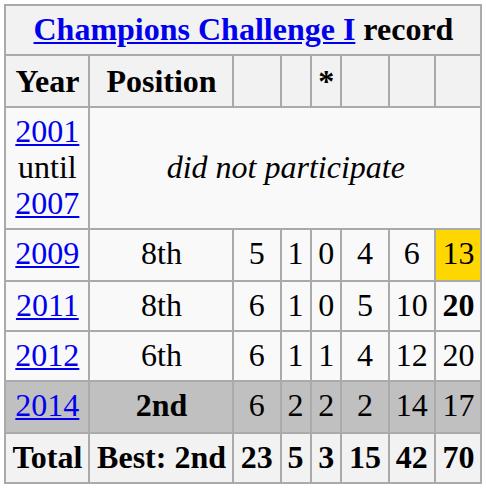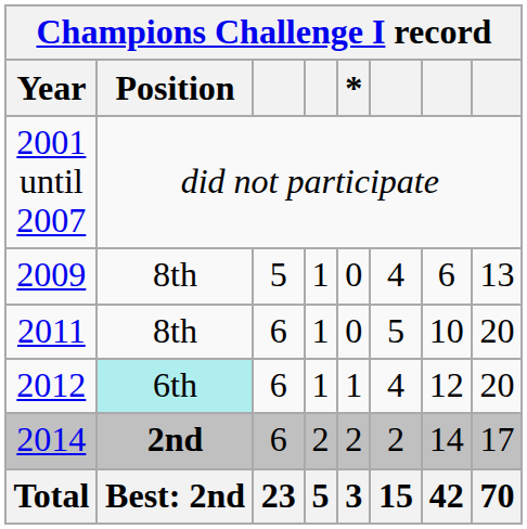 <table class="wikitable" style="text-align: center;">
 <tr>
 <th colspan=8><a href='#'>Champions Challenge I</a> record</th>
 </tr>
 <tr>
 <th>Year</th>
 <th>Position</th>
 <th></th>
 <th></th>
 <th>*</th>
 <th></th>
 <th></th>
 <th></th>
 </tr>
 <tr>
 <td> <a href='#'>2001</a><br>until<br> <a href='#'>2007</a></td>
 <td colspan=7><em>did not participate</em></td>
 </tr>
 <tr>
 <td> <a href='#'>2009</a></td>
 <td>8th</td>
 <td>5</td>
 <td>1</td>
 <td>0</td>
 <td>4</td>
 <td>6</td>
-<td style="background: gold;">13</td>
+<td>13</td>
 </tr>
 <tr>
 <td> <a href='#'>2011</a></td>
 <td>8th</td>
 <td>6</td>
 <td>1</td>
 <td>0</td>
 <td>5</td>
 <td>10</td>
-<td><strong>20</strong></td>
+<td>20</td>
 </tr>
 <tr>
 <td> <a href='#'>2012</a></td>
-<td>6th</td>
+<td style="background: paleturquoise;">6th</td>
 <td>6</td>
 <td>1</td>
 <td>1</td>
 <td>4</td>
 <td>12</td>
 <td>20</td>
 </tr>
 <tr bgcolor=silver>
 <td> <a href='#'>2014</a></td>
 <td><strong>2nd</strong></td>
 <td>6</td>
 <td>2</td>
 <td>2</td>
 <td>2</td>
 <td>14</td>
 <td>17</td>
 </tr>
 <tr>
 <th>Total</th>
 <th>Best: 2nd</th>
 <th>23</th>
 <th>5</th>
 <th>3</th>
 <th>15</th>
 <th>42</th>
 <th>70</th>
 </tr>
 </table>
